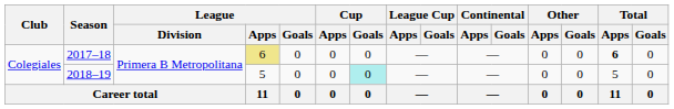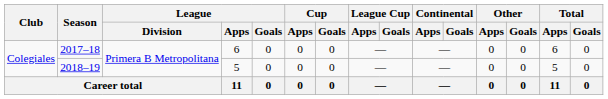 <table class="wikitable" style="text-align:center">
 <tr>
 <th rowspan="2">Club</th>
 <th rowspan="2">Season</th>
 <th colspan="3">League</th>
 <th colspan="2">Cup</th>
 <th colspan="2">League Cup</th>
 <th colspan="2">Continental</th>
 <th colspan="2">Other</th>
 <th colspan="2">Total</th>
 </tr>
 <tr>
 <th>Division</th>
 <th>Apps</th>
 <th>Goals</th>
 <th>Apps</th>
 <th>Goals</th>
 <th>Apps</th>
 <th>Goals</th>
 <th>Apps</th>
 <th>Goals</th>
 <th>Apps</th>
 <th>Goals</th>
 <th>Apps</th>
 <th>Goals</th>
 </tr>
 <tr>
 <td rowspan="2"><a href='#'>Colegiales</a></td>
 <td><a href='#'>2017–18</a></td>
 <td rowspan="2"><a href='#'>Primera B Metropolitana</a></td>
-<td style="background: khaki;">6</td>
+<td>6</td>
 <td>0</td>
 <td>0</td>
 <td>0</td>
 <td colspan="2">—</td>
 <td colspan="2">—</td>
 <td>0</td>
 <td>0</td>
-<td><strong>6</strong></td>
+<td>6</td>
 <td>0</td>
 </tr>
 <tr>
 <td><a href='#'>2018–19</a></td>
 <td>5</td>
 <td>0</td>
 <td>0</td>
-<td style="background: paleturquoise;">0</td>
+<td>0</td>
 <td colspan="2">—</td>
 <td colspan="2">—</td>
 <td>0</td>
 <td>0</td>
 <td>5</td>
 <td>0</td>
 </tr>
 <tr>
 <th colspan="3">Career total</th>
 <th>11</th>
 <th>0</th>
 <th>0</th>
 <th>0</th>
 <th colspan="2">—</th>
 <th colspan="2">—</th>
 <th>0</th>
 <th>0</th>
 <th>11</th>
 <th>0</th>
 </tr>
 </table>
